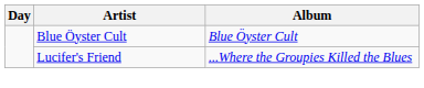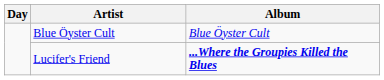 <table class="wikitable" border="1">
 <tr>
 <th>Day</th>
 <th width="200">Artist</th>
 <th width="250">Album</th>
 </tr>
 <tr>
 <td rowspan="2" style="text-align:center;"></td>
 <td><a href='#'>Blue Öyster Cult</a></td>
 <td><em><a href='#'>Blue Öyster Cult</a></em></td>
 </tr>
 <tr>
 <td><a href='#'>Lucifer's Friend</a></td>
-<td><em><a href='#'>...Where the Groupies Killed the Blues</a></em></td>
+<td><strong><em><a href='#'>...Where the Groupies Killed the Blues</a></em></strong></td>
 </tr>
 </table>
